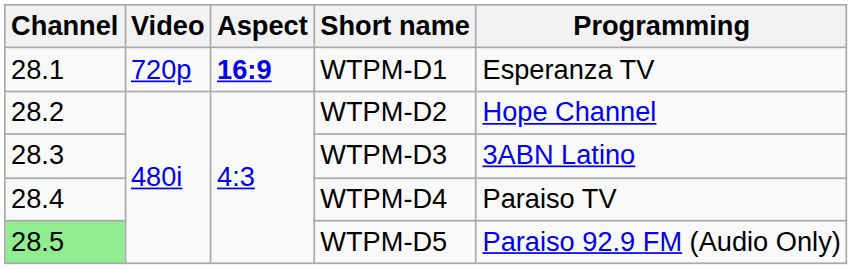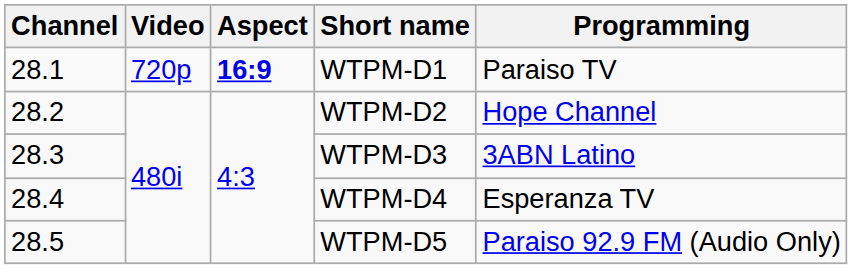 <table class="wikitable">
 <tr>
 <th>Channel</th>
 <th>Video</th>
 <th>Aspect</th>
 <th>Short name</th>
 <th>Programming</th>
 </tr>
 <tr>
 <td>28.1</td>
 <td><a href='#'>720p</a></td>
 <td><strong><a href='#'>16:9</a></strong></td>
 <td>WTPM-D1</td>
-<td>Esperanza TV</td>
+<td>Paraiso TV</td>
 </tr>
 <tr>
 <td>28.2</td>
 <td rowspan=4><a href='#'>480i</a></td>
 <td rowspan=4><a href='#'>4:3</a></td>
 <td>WTPM-D2</td>
 <td><a href='#'>Hope Channel</a></td>
 </tr>
 <tr>
 <td>28.3</td>
 <td>WTPM-D3</td>
 <td><a href='#'>3ABN Latino</a></td>
 </tr>
 <tr>
 <td>28.4</td>
 <td>WTPM-D4</td>
-<td>Paraiso TV</td>
+<td>Esperanza TV</td>
 </tr>
 <tr>
-<td style="background: lightgreen;">28.5</td>
+<td>28.5</td>
 <td>WTPM-D5</td>
 <td><a href='#'>Paraiso 92.9 FM</a> (Audio Only)</td>
 </tr>
 </table>
